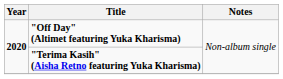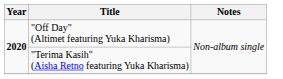 <table class="wikitable">
 <tr>
 <th>Year</th>
 <th>Title</th>
 <th>Notes</th>
 </tr>
 <tr>
 <td style="text-align:center;" rowspan="2"><strong>2020</strong></td>
-<td><strong>"Off Day"<br>(Altimet featuring Yuka Kharisma)</strong></td>
+<td>"Off Day"<br>(Altimet featuring Yuka Kharisma)</td>
 <td style="text-align:center;" rowspan="2"><em>Non-album single</em></td>
 </tr>
 <tr>
-<td><strong>"Terima Kasih"<br>(<a href='#'>Aisha Retno</a> featuring Yuka Kharisma)</strong></td>
+<td>"Terima Kasih"<br>(<a href='#'>Aisha Retno</a> featuring Yuka Kharisma)</td>
 </tr>
 <tr>
 </tr>
 </table>
